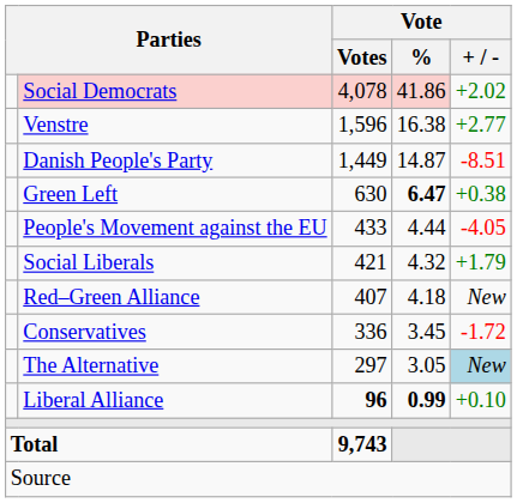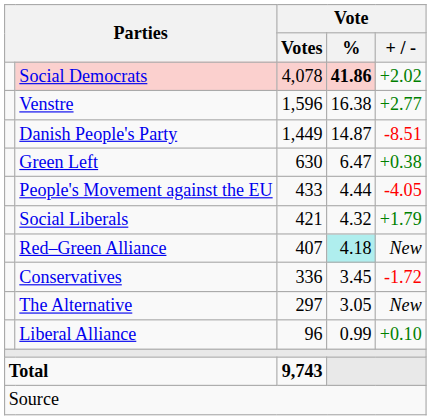 <table class="wikitable" style="text-align:right;">
 <tr>
 <th style="text-align:centre;" rowspan="2" colspan="2" width="225">Parties</th>
 <th colspan="3">Vote</th>
 </tr>
 <tr>
 <th width="15">Votes</th>
 <th width="15">%</th>
 <th width="15">+ / -</th>
 </tr>
 <tr>
 <td width="2" style="color:inherit;background:"></td>
 <td bgcolor=#fbd0ce   align="left"><a href='#'>Social Democrats</a></td>
 <td bgcolor=#fbd0ce>4,078</td>
-<td bgcolor=#fbd0ce>41.86</td>
+<td bgcolor=#fbd0ce><strong>41.86</strong></td>
 <td style=color:green;>+2.02</td>
 </tr>
 <tr>
 <td width="2" style="color:inherit;background:"></td>
 <td align="left"><a href='#'>Venstre</a></td>
 <td>1,596</td>
 <td>16.38</td>
 <td style=color:green;>+2.77</td>
 </tr>
 <tr>
 <td width="2" style="color:inherit;background:"></td>
 <td align="left"><a href='#'>Danish People's Party</a></td>
 <td>1,449</td>
 <td>14.87</td>
 <td style=color:red;>-8.51</td>
 </tr>
 <tr>
 <td width="2" style="color:inherit;background:"></td>
 <td align="left"><a href='#'>Green Left</a></td>
 <td>630</td>
-<td><strong>6.47</strong></td>
+<td>6.47</td>
 <td style=color:green;>+0.38</td>
 </tr>
 <tr>
 <td width="2" style="color:inherit;background:"></td>
 <td align="left"><a href='#'>People's Movement against the EU</a></td>
 <td>433</td>
 <td>4.44</td>
 <td style=color:red;>-4.05</td>
 </tr>
 <tr>
 <td width="2" style="color:inherit;background:"></td>
 <td align="left"><a href='#'>Social Liberals</a></td>
 <td>421</td>
 <td>4.32</td>
 <td style=color:green;>+1.79</td>
 </tr>
 <tr>
 <td width="2" style="color:inherit;background:"></td>
 <td align="left"><a href='#'>Red–Green Alliance</a></td>
 <td>407</td>
-<td>4.18</td>
+<td style="background: paleturquoise;">4.18</td>
 <td><em>New</em></td>
 </tr>
 <tr>
 <td width="2" style="color:inherit;background:"></td>
 <td align="left"><a href='#'>Conservatives</a></td>
 <td>336</td>
 <td>3.45</td>
 <td style=color:red;>-1.72</td>
 </tr>
 <tr>
 <td width="2" style="color:inherit;background:"></td>
 <td align="left"><a href='#'>The Alternative</a></td>
 <td>297</td>
 <td>3.05</td>
-<td style="background: lightblue;"><em>New</em></td>
+<td><em>New</em></td>
 </tr>
 <tr>
 <td width="2" style="color:inherit;background:"></td>
 <td align="left"><a href='#'>Liberal Alliance</a></td>
-<td><strong>96</strong></td>
-<td><strong>0.99</strong></td>
+<td>96</td>
+<td>0.99</td>
 <td style=color:green;>+0.10</td>
 </tr>
 <tr>
 <td colspan="7" bgcolor="#E9E9E9"></td>
 </tr>
 <tr>
 <td align="left" colspan="2"><strong>Total</strong></td>
 <td><strong>9,743</strong></td>
 <td bgcolor="#E9E9E9" colspan="2"></td>
 </tr>
 <tr>
 <td align="left" colspan="6">Source</td>
 </tr>
 </table>
